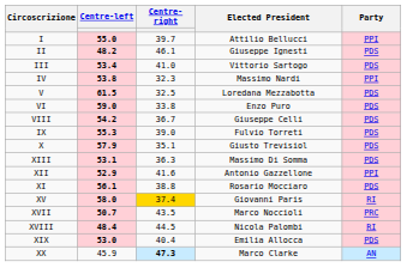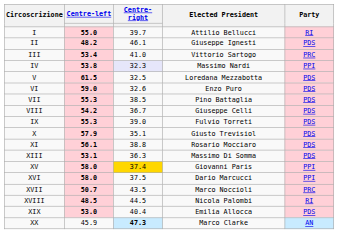 <table class="wikitable" style="text-align:center; font-size:85%; line-height:13px">
 <tr style="height:30px; background-color:#E9E9E9">
 <th style="width:50px;" rowspan="2">Circoscrizione</th>
 <th style="width:75px;"><a href='#'>Centre-left</a></th>
 <th style="width:75px;"><a href='#'>Centre-right</a></th>
 <th style="width:195px;" rowspan="2">Elected President</th>
 <th style="width:75px;" rowspan="2">Party</th>
 </tr>
 <tr>
 <th style="background:"></th>
 <th style="background:"></th>
 </tr>
 <tr>
 <td>I</td>
 <td style="background:#FFD0D7"><strong>55.0</strong></td>
 <td>39.7</td>
 <td>Attilio Bellucci</td>
-<td style="background:#FFD0D7"><a href='#'>PPI</a></td>
+<td style="background:#FFD0D7"><a href='#'>RI</a></td>
 </tr>
 <tr>
 <td>II</td>
 <td style="background:#FFD0D7"><strong>48.2</strong></td>
 <td>46.1</td>
 <td>Giuseppe Ignesti</td>
 <td style="background:#FFD0D7"><a href='#'>PDS</a></td>
 </tr>
 <tr>
 <td>III</td>
 <td style="background:#FFD0D7"><strong>53.4</strong></td>
 <td>41.0</td>
 <td>Vittorio Sartogo</td>
-<td style="background:#FFD0D7"><a href='#'>PDS</a></td>
+<td style="background:#FFD0D7"><a href='#'>PRC</a></td>
 </tr>
 <tr>
 <td>IV</td>
 <td style="background:#FFD0D7"><strong>53.8</strong></td>
-<td>32.3</td>
+<td style="background: lavender;">32.3</td>
 <td>Massimo Nardi</td>
 <td style="background:#FFD0D7"><a href='#'>PPI</a></td>
 </tr>
 <tr>
 <td>V</td>
 <td style="background:#FFD0D7"><strong>61.5</strong></td>
 <td>32.5</td>
 <td>Loredana Mezzabotta</td>
 <td style="background:#FFD0D7"><a href='#'>PDS</a></td>
 </tr>
 <tr>
 <td>VI</td>
 <td style="background:#FFD0D7"><strong>59.0</strong></td>
-<td>33.8</td>
+<td>32.6</td>
 <td>Enzo Puro</td>
+<td style="background:#FFD0D7"><a href='#'>PDS</a></td>
+</tr>
+<tr>
+<td>VII</td>
+<td style="background:#FFD0D7"><strong>55.3</strong></td>
+<td>38.5</td>
+<td>Pino Battaglia</td>
 <td style="background:#FFD0D7"><a href='#'>PDS</a></td>
 </tr>
 <tr>
 <td>VIII</td>
 <td style="background:#FFD0D7"><strong>54.2</strong></td>
 <td>36.7</td>
 <td>Giuseppe Celli</td>
 <td style="background:#FFD0D7"><a href='#'>PDS</a></td>
 </tr>
 <tr>
 <td>IX</td>
 <td style="background:#FFD0D7"><strong>55.3</strong></td>
 <td>39.0</td>
 <td>Fulvio Torreti</td>
 <td style="background:#FFD0D7"><a href='#'>PDS</a></td>
 </tr>
 <tr>
 <td>X</td>
 <td style="background:#FFD0D7"><strong>57.9</strong></td>
 <td>35.1</td>
 <td>Giusto Trevisiol</td>
 <td style="background:#FFD0D7"><a href='#'>PDS</a></td>
 </tr>
 <tr>
+<td>XI</td>
+<td style="background:#FFD0D7"><strong>56.1</strong></td>
+<td>38.8</td>
+<td>Rosario Mocciaro</td>
+<td style="background:#FFD0D7"><a href='#'>PDS</a></td>
+</tr>
+<tr>
 <td>XIII</td>
 <td style="background:#FFD0D7"><strong>53.1</strong></td>
 <td>36.3</td>
 <td>Massimo Di Somma</td>
 <td style="background:#FFD0D7"><a href='#'>PDS</a></td>
 </tr>
 <tr>
-<td>XII</td>
-<td style="background:#FFD0D7"><strong>52.9</strong></td>
-<td>41.6</td>
-<td>Antonio Gazzellone</td>
-<td style="background:#FFD0D7"><a href='#'>PPI</a></td>
-</tr>
-<tr>
-<td>XI</td>
-<td style="background:#FFD0D7"><strong>56.1</strong></td>
-<td>38.8</td>
-<td>Rosario Mocciaro</td>
-<td style="background:#FFD0D7"><a href='#'>PDS</a></td>
-</tr>
-<tr>
 <td>XV</td>
 <td style="background:#FFD0D7"><strong>58.0</strong></td>
 <td style="background: gold;">37.4</td>
 <td>Giovanni Paris</td>
-<td style="background:#FFD0D7"><a href='#'>RI</a></td>
+<td style="background:#FFD0D7"><a href='#'>PPI</a></td>
+</tr>
+<tr>
+<td>XVI</td>
+<td style="background:#FFD0D7"><strong>58.0</strong></td>
+<td>37.5</td>
+<td>Dario Marcucci</td>
+<td style="background:#FFD0D7"><a href='#'>PPI</a></td>
 </tr>
 <tr>
 <td>XVII</td>
 <td style="background:#FFD0D7"><strong>50.7</strong></td>
 <td>43.5</td>
 <td>Marco Noccioli</td>
 <td style="background:#FFD0D7"><a href='#'>PRC</a></td>
 </tr>
 <tr>
 <td>XVIII</td>
-<td style="background:#FFD0D7"><strong>48.4</strong></td>
+<td style="background:#FFD0D7"><strong>48.5</strong></td>
 <td>44.5</td>
 <td>Nicola Palombi</td>
 <td style="background:#FFD0D7"><a href='#'>RI</a></td>
 </tr>
 <tr>
 <td>XIX</td>
 <td style="background:#FFD0D7"><strong>53.0</strong></td>
 <td>40.4</td>
 <td>Emilia Allocca</td>
 <td style="background:#FFD0D7"><a href='#'>PDS</a></td>
 </tr>
 <tr>
 <td>XX</td>
 <td>45.9</td>
 <td style="background:#C8EBFF"><strong>47.3</strong></td>
 <td>Marco Clarke</td>
 <td style="background:#C8EBFF"><a href='#'>AN</a></td>
 </tr>
 </table>
